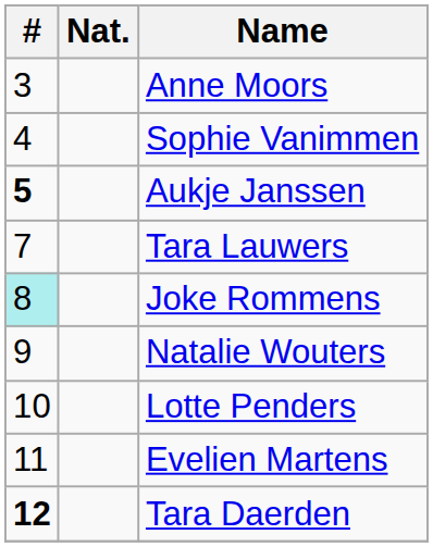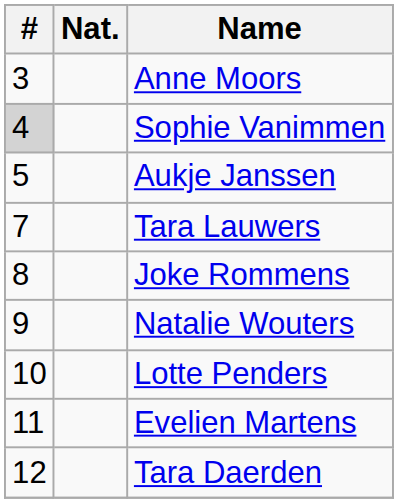 <table class="wikitable">
 <tr>
 <th>#</th>
 <th>Nat.</th>
 <th>Name</th>
 </tr>
 <tr>
 <td>3</td>
 <td></td>
 <td><a href='#'>Anne Moors</a></td>
 </tr>
 <tr>
-<td>4</td>
+<td style="background: lightgrey;">4</td>
 <td></td>
 <td><a href='#'>Sophie Vanimmen</a></td>
 </tr>
 <tr>
-<td><strong>5</strong></td>
+<td>5</td>
 <td></td>
 <td><a href='#'>Aukje Janssen</a></td>
 </tr>
 <tr>
 <td>7</td>
 <td></td>
 <td><a href='#'>Tara Lauwers</a></td>
 </tr>
 <tr>
-<td style="background: paleturquoise;">8</td>
+<td>8</td>
 <td></td>
 <td><a href='#'>Joke Rommens</a></td>
 </tr>
 <tr>
 <td>9</td>
 <td></td>
 <td><a href='#'>Natalie Wouters</a></td>
 </tr>
 <tr>
 <td>10</td>
 <td></td>
 <td><a href='#'>Lotte Penders</a></td>
 </tr>
 <tr>
 <td>11</td>
 <td></td>
 <td><a href='#'>Evelien Martens</a></td>
 </tr>
 <tr>
-<td><strong>12</strong></td>
+<td>12</td>
 <td></td>
 <td><a href='#'>Tara Daerden</a></td>
 </tr>
 <tr>
 </tr>
 </table>
